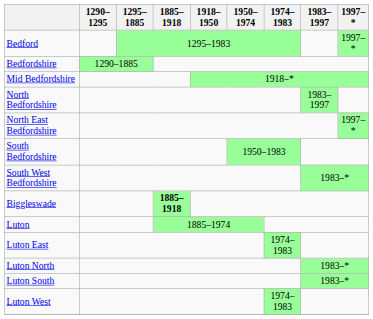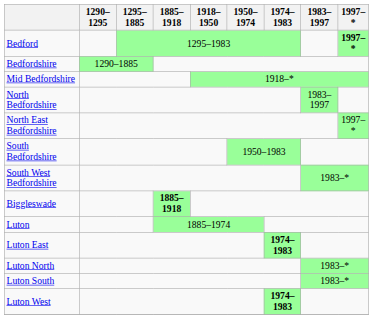 <table class="wikitable">
 <tr>
 <th> </th>
 <th>1290–1295</th>
 <th>1295–1885</th>
 <th>1885–1918</th>
 <th>1918–1950</th>
 <th>1950–1974</th>
 <th>1974–1983</th>
 <th>1983–1997</th>
 <th>1997–*</th>
 </tr>
 <tr>
 <td><a href='#'>Bedford</a></td>
 <td colspan="1"> </td>
 <td colspan="5" align="center" bgcolor="#99FF99">1295–1983</td>
 <td colspan="1"> </td>
-<td colspan="1" align="center" bgcolor="#99FF99">1997–*</td>
+<td colspan="1" align="center" bgcolor="#99FF99"><strong>1997–*</strong></td>
 </tr>
 <tr>
 <td><a href='#'>Bedfordshire</a></td>
 <td colspan="2" align="center" bgcolor="#99FF99">1290–1885</td>
 <td colspan="6"> </td>
 </tr>
 <tr>
 <td><a href='#'>Mid Bedfordshire</a></td>
 <td colspan="3"> </td>
 <td colspan="5" align="center" bgcolor="#99FF99">1918–*</td>
 </tr>
 <tr>
 <td><a href='#'>North Bedfordshire</a></td>
 <td colspan="6"> </td>
 <td colspan="1" align="center" bgcolor="#99FF99">1983–1997</td>
 <td colspan="1"> </td>
 </tr>
 <tr>
 <td><a href='#'>North East Bedfordshire</a></td>
 <td colspan="7"> </td>
 <td colspan="1" align="center" bgcolor="#99FF99">1997–*</td>
 </tr>
 <tr>
 <td><a href='#'>South Bedfordshire</a></td>
 <td colspan="4"> </td>
 <td colspan="2" align="center" bgcolor="#99FF99">1950–1983</td>
 <td colspan="2"> </td>
 </tr>
 <tr>
 <td><a href='#'>South West Bedfordshire</a></td>
 <td colspan="6"> </td>
 <td colspan="2" align="center" bgcolor="#99FF99">1983–*</td>
 </tr>
 <tr>
 <td><a href='#'>Biggleswade</a></td>
 <td colspan="2"> </td>
 <td colspan="1" align="center" bgcolor="#99FF99"><strong>1885–1918</strong></td>
 <td colspan="5"> </td>
 </tr>
 <tr>
 <td><a href='#'>Luton</a></td>
 <td colspan="2"> </td>
 <td colspan="3" align="center" bgcolor="#99FF99">1885–1974</td>
 <td colspan="3"> </td>
 </tr>
 <tr>
 <td><a href='#'>Luton East</a></td>
 <td colspan="5"> </td>
-<td colspan="1" align="center" bgcolor="#99FF99">1974–1983</td>
+<td colspan="1" align="center" bgcolor="#99FF99"><strong>1974–1983</strong></td>
 <td colspan="2"> </td>
 </tr>
 <tr>
 <td><a href='#'>Luton North</a></td>
 <td colspan="6"> </td>
 <td colspan="2" align="center" bgcolor="#99FF99">1983–*</td>
 </tr>
 <tr>
 <td><a href='#'>Luton South</a></td>
 <td colspan="6"> </td>
 <td colspan="2" align="center" bgcolor="#99FF99">1983–*</td>
 </tr>
 <tr>
 <td><a href='#'>Luton West</a></td>
 <td colspan="5"> </td>
-<td colspan="1" align="center" bgcolor="#99FF99">1974–1983</td>
+<td colspan="1" align="center" bgcolor="#99FF99"><strong>1974–1983</strong></td>
 <td colspan="2"> </td>
 </tr>
 <tr>
 </tr>
 </table>
